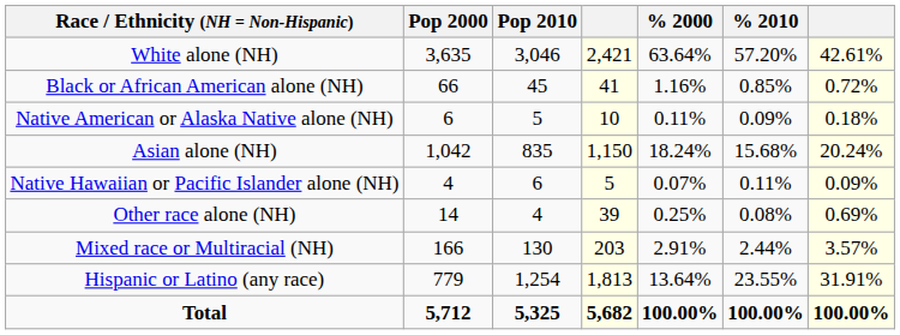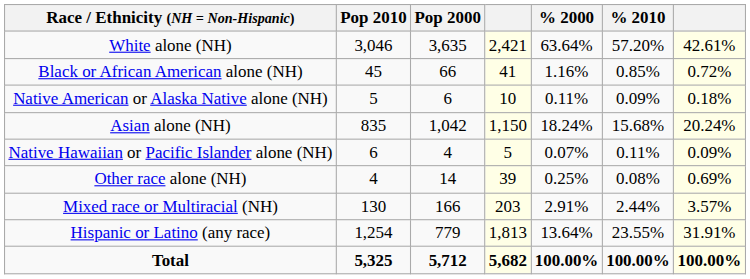 <table class="wikitable" style="text-align:center;">
 <tr>
 <th>Race / Ethnicity <small>(<em>NH = Non-Hispanic</em>)</small></th>
+<th>Pop 2010</th>
 <th>Pop 2000</th>
-<th>Pop 2010</th>
 <th></th>
 <th>% 2000</th>
 <th>% 2010</th>
 <th></th>
 </tr>
 <tr>
 <td><a href='#'>White</a> alone (NH)</td>
+<td>3,046</td>
 <td>3,635</td>
-<td>3,046</td>
 <td style='background: #ffffe6;'>2,421</td>
 <td>63.64%</td>
 <td>57.20%</td>
 <td style='background: #ffffe6;'>42.61%</td>
 </tr>
 <tr>
 <td><a href='#'>Black or African American</a> alone (NH)</td>
+<td>45</td>
 <td>66</td>
-<td>45</td>
 <td style='background: #ffffe6;'>41</td>
 <td>1.16%</td>
 <td>0.85%</td>
 <td style='background: #ffffe6;'>0.72%</td>
 </tr>
 <tr>
 <td><a href='#'>Native American</a> or <a href='#'>Alaska Native</a> alone (NH)</td>
+<td>5</td>
 <td>6</td>
-<td>5</td>
 <td style='background: #ffffe6;'>10</td>
 <td>0.11%</td>
 <td>0.09%</td>
 <td style='background: #ffffe6;'>0.18%</td>
 </tr>
 <tr>
 <td><a href='#'>Asian</a> alone (NH)</td>
+<td>835</td>
 <td>1,042</td>
-<td>835</td>
 <td style='background: #ffffe6;'>1,150</td>
 <td>18.24%</td>
 <td>15.68%</td>
 <td style='background: #ffffe6;'>20.24%</td>
 </tr>
 <tr>
 <td><a href='#'>Native Hawaiian</a> or <a href='#'>Pacific Islander</a> alone (NH)</td>
+<td>6</td>
 <td>4</td>
-<td>6</td>
 <td style='background: #ffffe6;'>5</td>
 <td>0.07%</td>
 <td>0.11%</td>
 <td style='background: #ffffe6;'>0.09%</td>
 </tr>
 <tr>
 <td><a href='#'>Other race</a> alone (NH)</td>
+<td>4</td>
 <td>14</td>
-<td>4</td>
 <td style='background: #ffffe6;'>39</td>
 <td>0.25%</td>
 <td>0.08%</td>
 <td style='background: #ffffe6;'>0.69%</td>
 </tr>
 <tr>
 <td><a href='#'>Mixed race or Multiracial</a> (NH)</td>
+<td>130</td>
 <td>166</td>
-<td>130</td>
 <td style='background: #ffffe6;'>203</td>
 <td>2.91%</td>
 <td>2.44%</td>
 <td style='background: #ffffe6;'>3.57%</td>
 </tr>
 <tr>
 <td><a href='#'>Hispanic or Latino</a> (any race)</td>
+<td>1,254</td>
 <td>779</td>
-<td>1,254</td>
 <td style='background: #ffffe6;'>1,813</td>
 <td>13.64%</td>
 <td>23.55%</td>
 <td style='background: #ffffe6;'>31.91%</td>
 </tr>
 <tr>
 <td><strong>Total</strong></td>
+<td><strong>5,325</strong></td>
 <td><strong>5,712</strong></td>
-<td><strong>5,325</strong></td>
 <td style='background: #ffffe6;'><strong>5,682</strong></td>
 <td><strong>100.00%</strong></td>
 <td><strong>100.00%</strong></td>
 <td style='background: #ffffe6;'><strong>100.00%</strong></td>
 </tr>
 </table>
